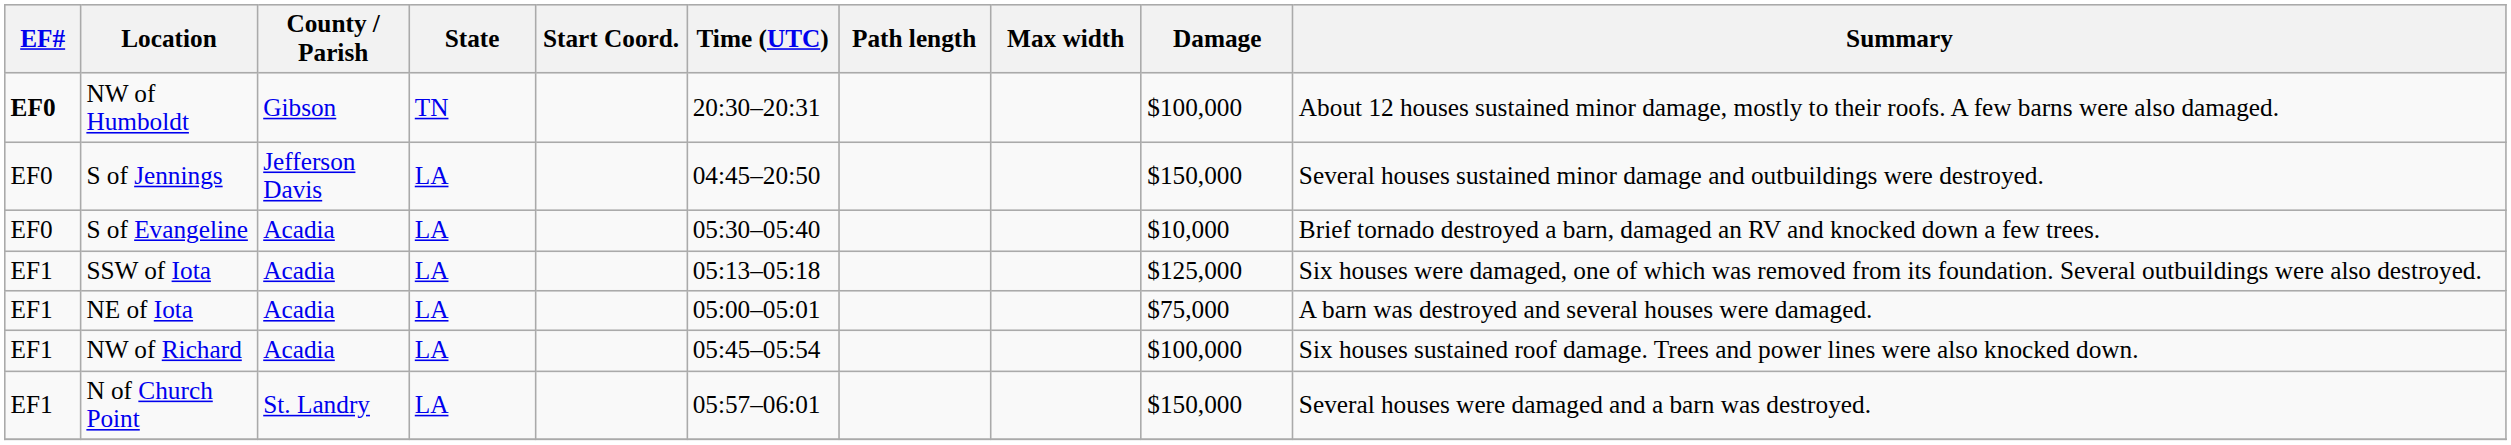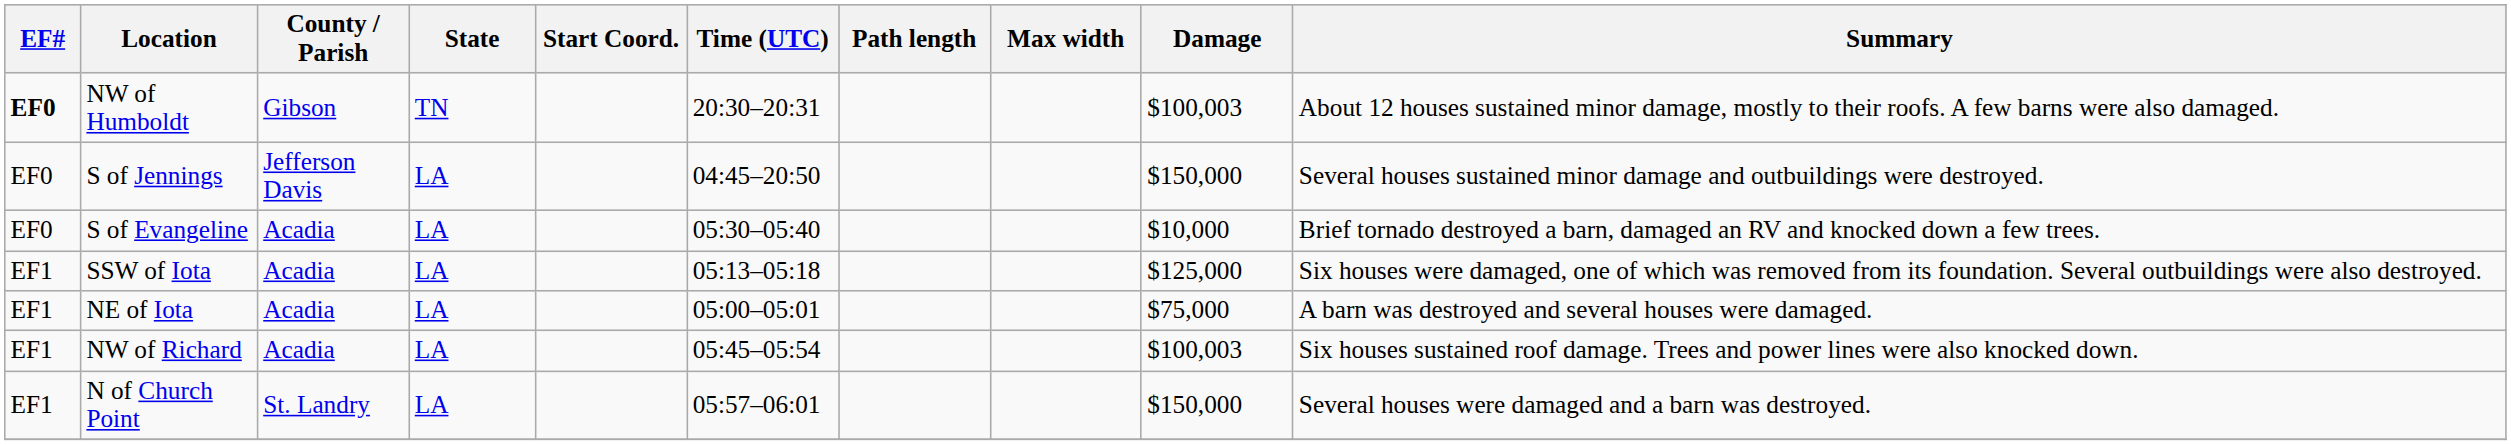 <table class="wikitable sortable" style="width:100%;">
 <tr>
 <th scope="col" width="3%" align="center"><a href='#'>EF#</a></th>
 <th scope="col" width="7%" align="center" class="unsortable">Location</th>
 <th scope="col" width="6%" align="center" class="unsortable">County / Parish</th>
 <th scope="col" width="5%" align="center">State</th>
 <th scope="col" width="6%" align="center">Start Coord.</th>
 <th scope="col" width="6%" align="center">Time (<a href='#'>UTC</a>)</th>
 <th scope="col" width="6%" align="center">Path length</th>
 <th scope="col" width="6%" align="center">Max width</th>
 <th scope="col" width="6%" align="center">Damage</th>
 <th scope="col" width="48%" class="unsortable" align="center">Summary</th>
 </tr>
 <tr>
 <td><strong>EF0</strong></td>
 <td>NW of <a href='#'>Humboldt</a></td>
 <td><a href='#'>Gibson</a></td>
 <td><a href='#'>TN</a></td>
 <td></td>
 <td>20:30–20:31</td>
 <td></td>
 <td></td>
-<td>$100,000</td>
+<td>$100,003</td>
 <td>About 12 houses sustained minor damage, mostly to their roofs. A few barns were also damaged.</td>
 </tr>
 <tr>
 <td>EF0</td>
 <td>S of <a href='#'>Jennings</a></td>
 <td><a href='#'>Jefferson Davis</a></td>
 <td><a href='#'>LA</a></td>
 <td></td>
 <td>04:45–20:50</td>
 <td></td>
 <td></td>
 <td>$150,000</td>
 <td>Several houses sustained minor damage and outbuildings were destroyed.</td>
 </tr>
 <tr>
 <td>EF0</td>
 <td>S of <a href='#'>Evangeline</a></td>
 <td><a href='#'>Acadia</a></td>
 <td><a href='#'>LA</a></td>
 <td></td>
 <td>05:30–05:40</td>
 <td></td>
 <td></td>
 <td>$10,000</td>
 <td>Brief tornado destroyed a barn, damaged an RV and knocked down a few trees.</td>
 </tr>
 <tr>
 <td>EF1</td>
 <td>SSW of <a href='#'>Iota</a></td>
 <td><a href='#'>Acadia</a></td>
 <td><a href='#'>LA</a></td>
 <td></td>
 <td>05:13–05:18</td>
 <td></td>
 <td></td>
 <td>$125,000</td>
 <td>Six houses were damaged, one of which was removed from its foundation. Several outbuildings were also destroyed.</td>
 </tr>
 <tr>
 <td>EF1</td>
 <td>NE of <a href='#'>Iota</a></td>
 <td><a href='#'>Acadia</a></td>
 <td><a href='#'>LA</a></td>
 <td></td>
 <td>05:00–05:01</td>
 <td></td>
 <td></td>
 <td>$75,000</td>
 <td>A barn was destroyed and several houses were damaged.</td>
 </tr>
 <tr>
 <td>EF1</td>
 <td>NW of <a href='#'>Richard</a></td>
 <td><a href='#'>Acadia</a></td>
 <td><a href='#'>LA</a></td>
 <td></td>
 <td>05:45–05:54</td>
 <td></td>
 <td></td>
-<td>$100,000</td>
+<td>$100,003</td>
 <td>Six houses sustained roof damage. Trees and power lines were also knocked down.</td>
 </tr>
 <tr>
 <td>EF1</td>
 <td>N of <a href='#'>Church Point</a></td>
 <td><a href='#'>St. Landry</a></td>
 <td><a href='#'>LA</a></td>
 <td></td>
 <td>05:57–06:01</td>
 <td></td>
 <td></td>
 <td>$150,000</td>
 <td>Several houses were damaged and a barn was destroyed.</td>
 </tr>
 <tr>
 </tr>
 </table>
